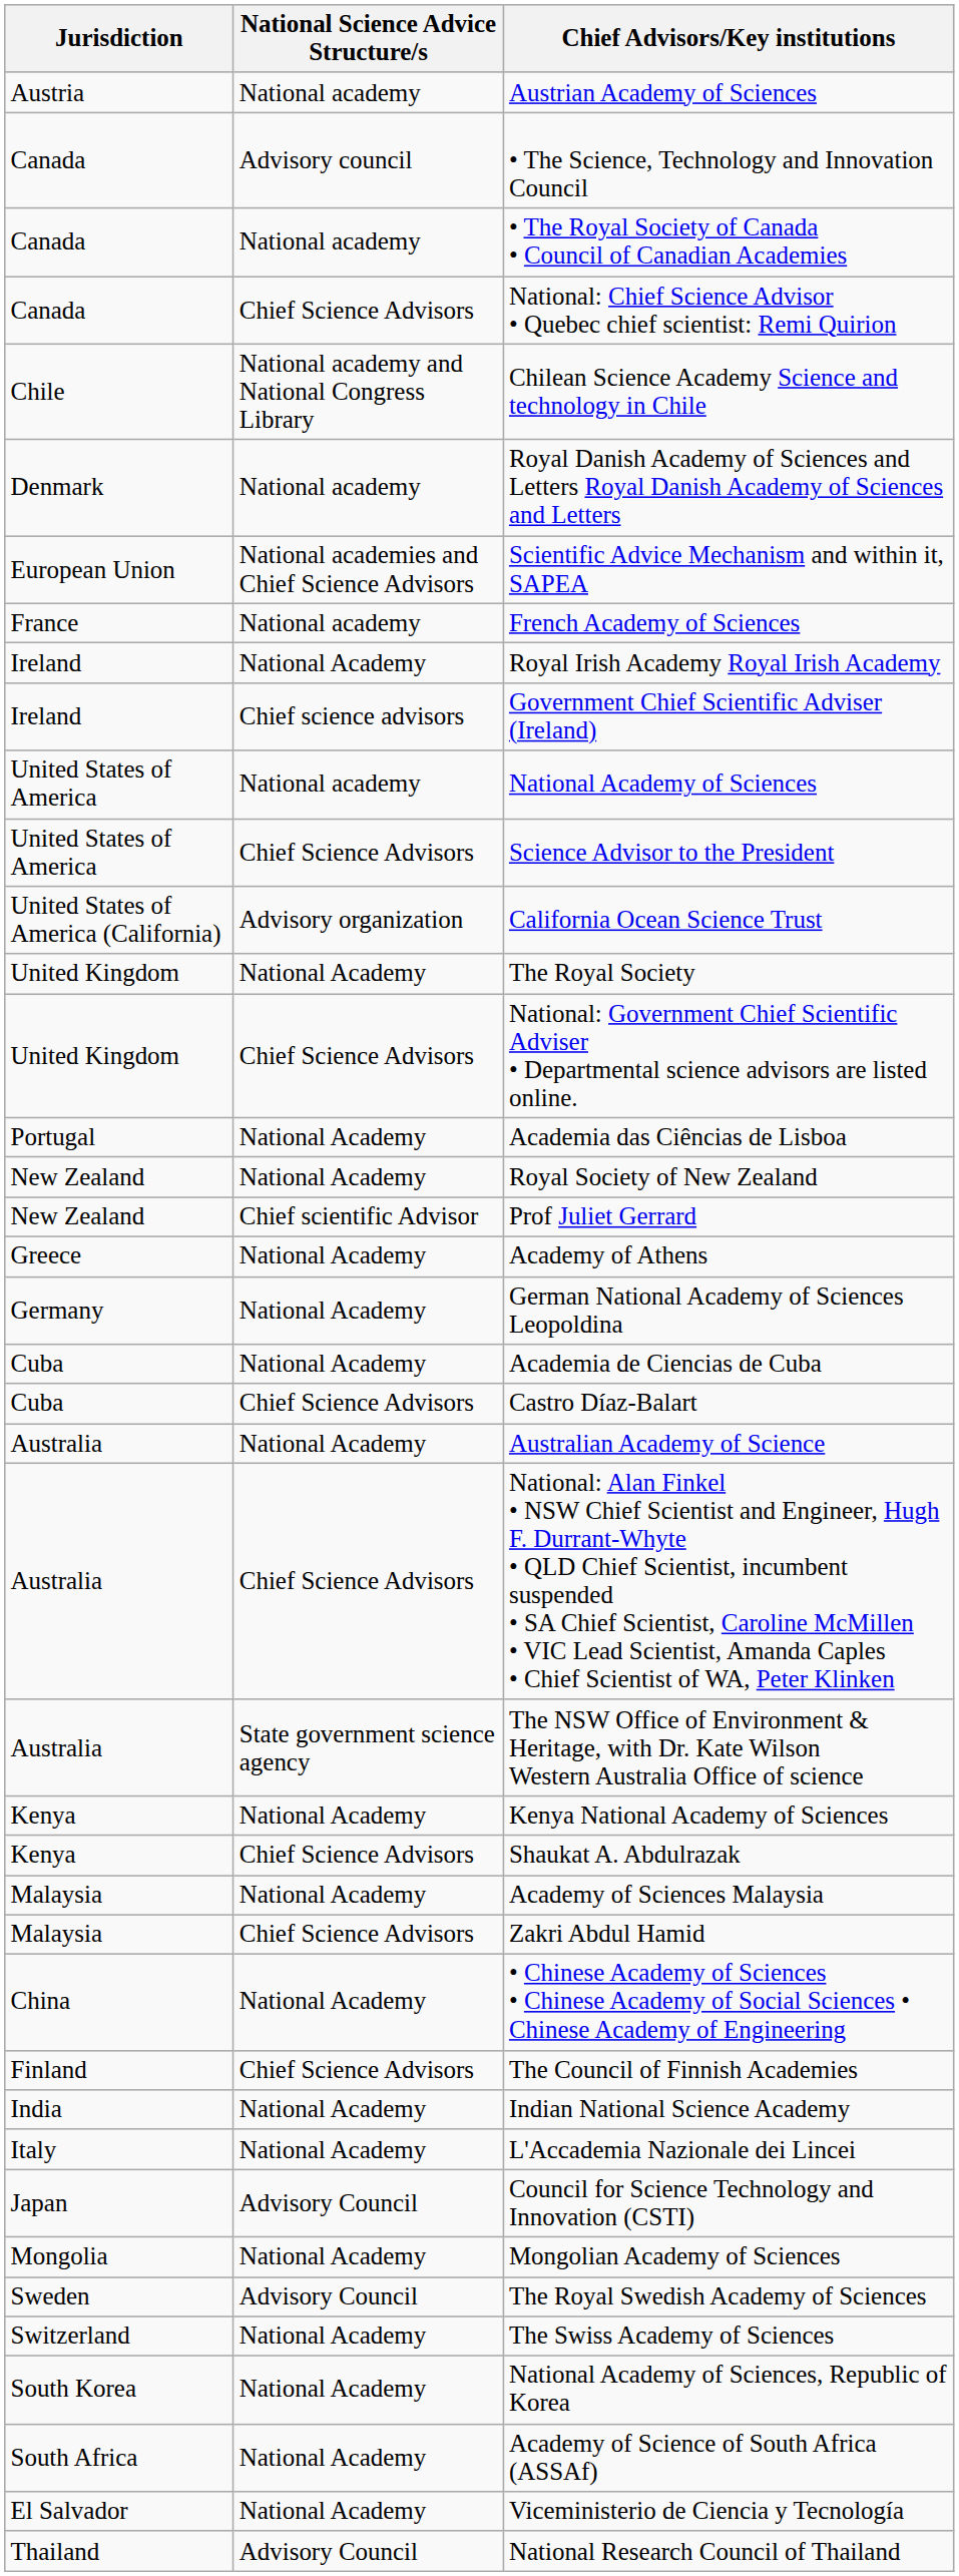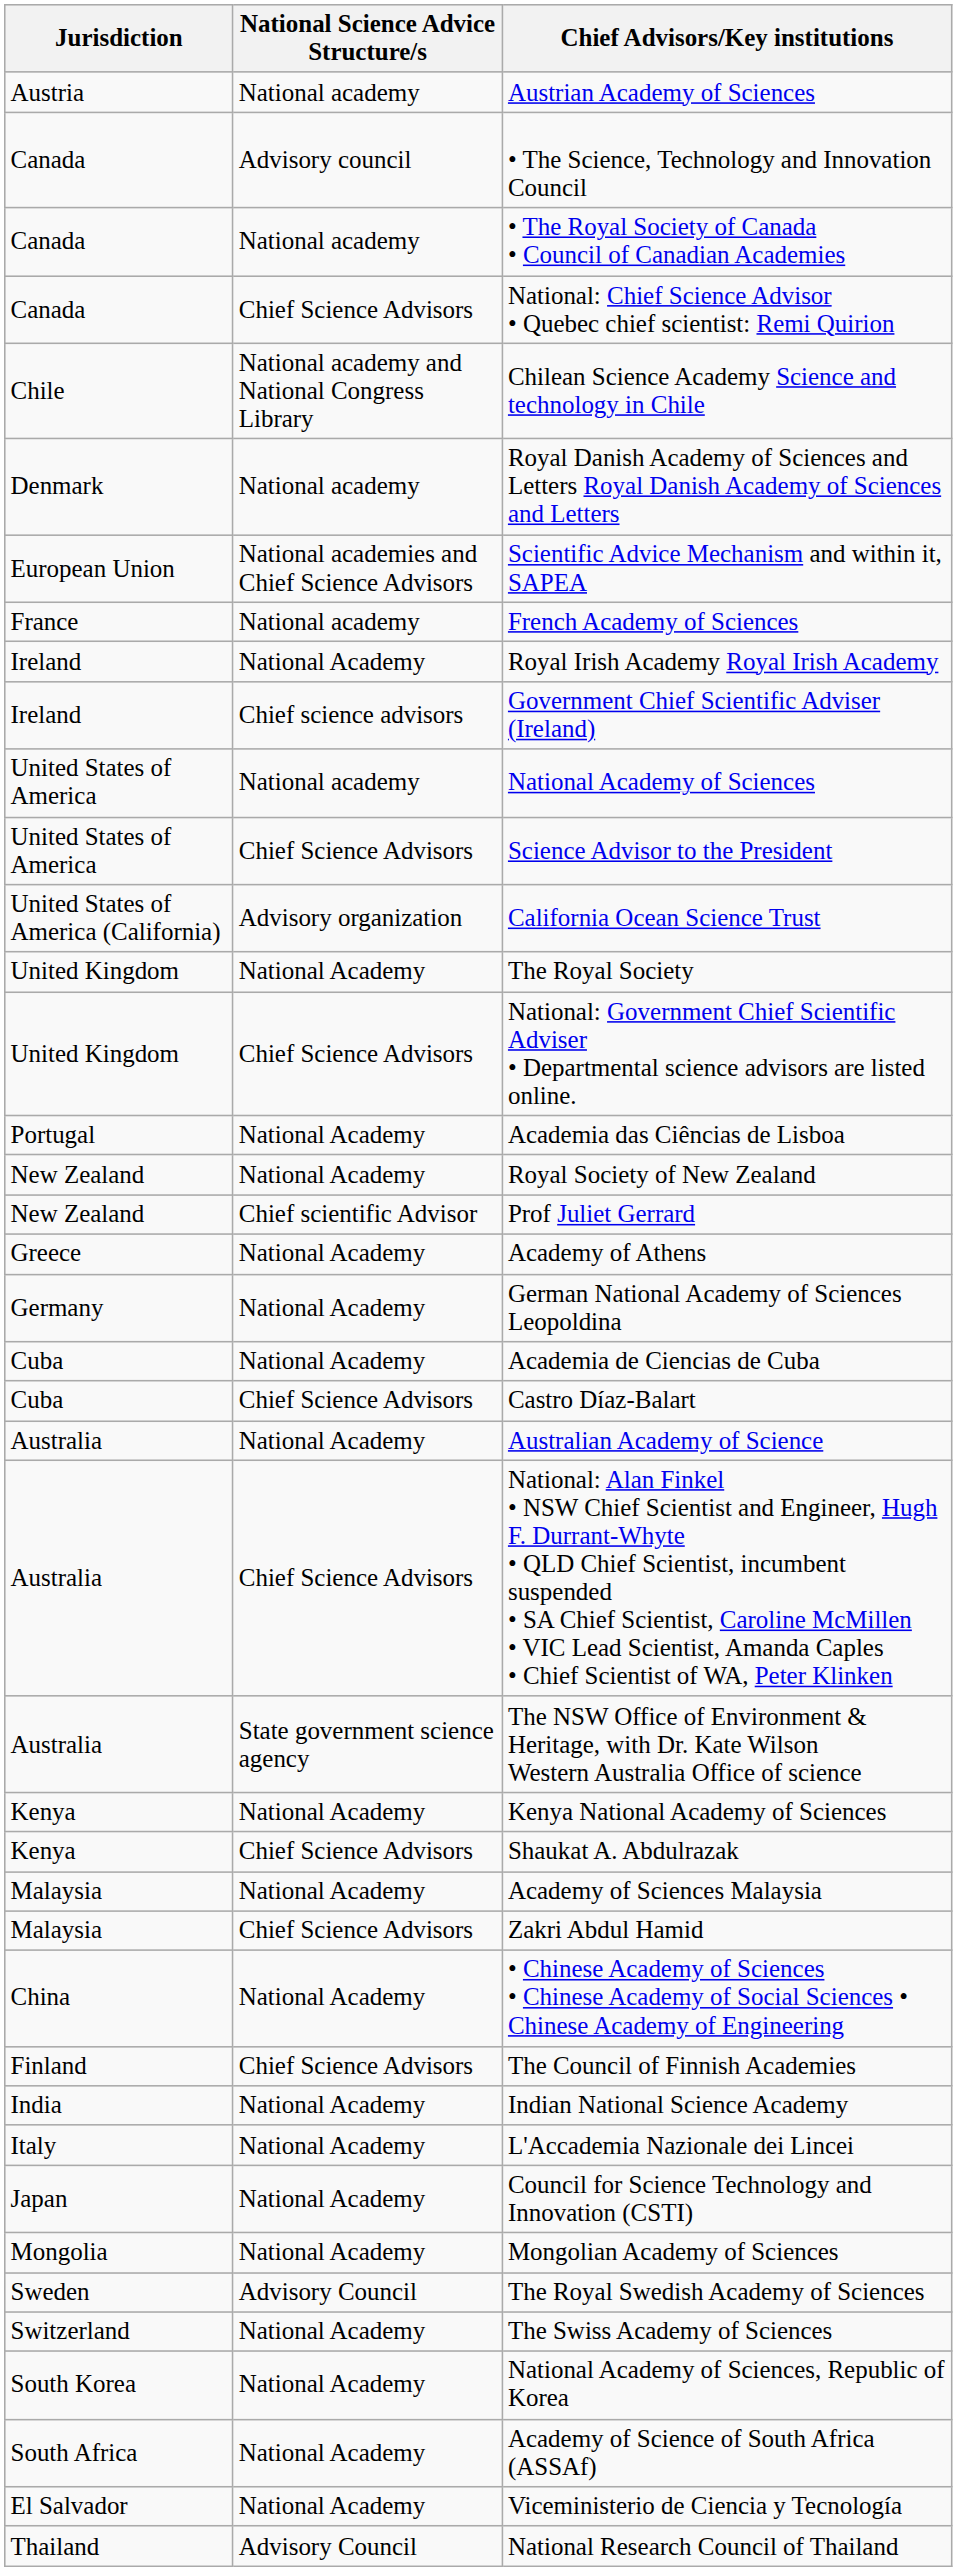 <table class="wikitable sortable">
 <tr>
 <th>Jurisdiction</th>
 <th>National Science Advice Structure/s</th>
 <th>Chief Advisors/Key institutions</th>
 </tr>
 <tr>
 <td>Austria</td>
 <td>National academy</td>
 <td><a href='#'>Austrian Academy of Sciences</a></td>
 </tr>
 <tr>
 <td>Canada</td>
 <td>Advisory council</td>
 <td><br>• The Science, Technology and Innovation Council</td>
 </tr>
 <tr>
 <td>Canada</td>
 <td>National academy</td>
 <td>• <a href='#'>The Royal Society of Canada</a><br>•  <a href='#'>Council of Canadian Academies</a></td>
 </tr>
 <tr>
 <td>Canada</td>
 <td>Chief Science Advisors</td>
 <td>National: <a href='#'>Chief Science Advisor</a><br>• Quebec chief scientist: <a href='#'>Remi Quirion</a></td>
 </tr>
 <tr>
 <td>Chile</td>
 <td>National academy and National Congress Library</td>
 <td>Chilean Science Academy <a href='#'>Science and technology in Chile</a></td>
 </tr>
 <tr>
 <td>Denmark</td>
 <td>National academy</td>
 <td>Royal Danish Academy of Sciences and Letters <a href='#'>Royal Danish Academy of Sciences and Letters</a></td>
 </tr>
 <tr>
 <td>European Union</td>
 <td>National academies and Chief Science Advisors</td>
 <td><a href='#'>Scientific Advice Mechanism</a> and within it, <a href='#'>SAPEA</a></td>
 </tr>
 <tr>
 <td>France</td>
 <td>National academy</td>
 <td><a href='#'>French Academy of Sciences</a></td>
 </tr>
 <tr>
 <td>Ireland</td>
 <td>National Academy</td>
 <td>Royal Irish Academy <a href='#'>Royal Irish Academy</a></td>
 </tr>
 <tr>
 <td>Ireland</td>
 <td>Chief science advisors</td>
 <td><a href='#'>Government Chief Scientific Adviser (Ireland)</a></td>
 </tr>
 <tr>
 <td>United States of America</td>
 <td>National academy</td>
 <td><a href='#'>National Academy of Sciences</a></td>
 </tr>
 <tr>
 <td>United States of America</td>
 <td>Chief Science Advisors</td>
 <td><a href='#'>Science Advisor to the President</a></td>
 </tr>
 <tr>
 <td>United States of America (California)</td>
 <td>Advisory organization</td>
 <td><a href='#'>California Ocean Science Trust</a></td>
 </tr>
 <tr>
 <td>United Kingdom</td>
 <td>National Academy</td>
 <td>The Royal Society</td>
 </tr>
 <tr>
 <td>United Kingdom</td>
 <td>Chief Science Advisors</td>
 <td>National: <a href='#'>Government Chief Scientific Adviser</a><br>• Departmental science advisors are listed online.</td>
 </tr>
 <tr>
 <td>Portugal</td>
 <td>National Academy</td>
 <td>Academia das Ciências de Lisboa</td>
 </tr>
 <tr>
 <td>New Zealand</td>
 <td>National Academy</td>
 <td>Royal Society of New Zealand</td>
 </tr>
 <tr>
 <td>New Zealand</td>
 <td>Chief scientific Advisor</td>
 <td>Prof <a href='#'>Juliet Gerrard</a></td>
 </tr>
 <tr>
 <td>Greece</td>
 <td>National Academy</td>
 <td>Academy of Athens</td>
 </tr>
 <tr>
 <td>Germany</td>
 <td>National Academy</td>
 <td>German National Academy of Sciences Leopoldina </td>
 </tr>
 <tr>
 <td>Cuba</td>
 <td>National Academy</td>
 <td>Academia de Ciencias de Cuba</td>
 </tr>
 <tr>
 <td>Cuba</td>
 <td>Chief Science Advisors</td>
 <td>Castro Díaz-Balart</td>
 </tr>
 <tr>
 <td>Australia</td>
 <td>National Academy</td>
 <td><a href='#'>Australian Academy of Science</a></td>
 </tr>
 <tr>
 <td>Australia</td>
 <td>Chief Science Advisors</td>
 <td>National: <a href='#'>Alan Finkel</a><br>• NSW Chief Scientist and Engineer, <a href='#'>Hugh F. Durrant-Whyte</a><br>• QLD Chief Scientist, incumbent suspended<br>• SA Chief Scientist, <a href='#'>Caroline McMillen</a><br>• VIC Lead Scientist, Amanda Caples<br>• Chief Scientist of WA, <a href='#'>Peter Klinken</a></td>
 </tr>
 <tr>
 <td>Australia</td>
 <td>State government science agency</td>
 <td>The NSW Office of Environment & Heritage, with Dr. Kate Wilson<br>Western Australia Office of science</td>
 </tr>
 <tr>
 <td>Kenya</td>
 <td>National Academy</td>
 <td>Kenya National Academy of Sciences</td>
 </tr>
 <tr>
 <td>Kenya</td>
 <td>Chief Science Advisors</td>
 <td>Shaukat A. Abdulrazak</td>
 </tr>
 <tr>
 <td>Malaysia</td>
 <td>National Academy</td>
 <td>Academy of Sciences Malaysia</td>
 </tr>
 <tr>
 <td>Malaysia</td>
 <td>Chief Science Advisors</td>
 <td>Zakri Abdul Hamid</td>
 </tr>
 <tr>
 <td>China</td>
 <td>National Academy</td>
 <td>• <a href='#'>Chinese Academy of Sciences</a><br>• <a href='#'>Chinese Academy of Social Sciences</a> • <a href='#'>Chinese Academy of Engineering</a></td>
 </tr>
 <tr>
 <td>Finland</td>
 <td>Chief Science Advisors</td>
 <td>The Council of Finnish Academies</td>
 </tr>
 <tr>
 <td>India</td>
 <td>National Academy</td>
 <td>Indian National Science Academy</td>
 </tr>
 <tr>
 <td>Italy</td>
 <td>National Academy</td>
 <td>L'Accademia Nazionale dei Lincei</td>
 </tr>
 <tr>
 <td>Japan</td>
-<td>Advisory Council</td>
+<td>National Academy</td>
 <td>Council for Science Technology and Innovation (CSTI)</td>
 </tr>
 <tr>
 <td>Mongolia</td>
 <td>National Academy</td>
 <td>Mongolian Academy of Sciences</td>
 </tr>
 <tr>
 <td>Sweden</td>
 <td>Advisory Council</td>
 <td>The Royal Swedish Academy of Sciences</td>
 </tr>
 <tr>
 <td>Switzerland</td>
 <td>National Academy</td>
 <td>The Swiss Academy of Sciences</td>
 </tr>
 <tr>
 <td>South Korea</td>
 <td>National Academy</td>
 <td>National Academy of Sciences, Republic of Korea</td>
 </tr>
 <tr>
 <td>South Africa</td>
 <td>National Academy</td>
 <td>Academy of Science of South Africa (ASSAf)</td>
 </tr>
 <tr>
 <td>El Salvador</td>
 <td>National Academy</td>
 <td>Viceministerio de Ciencia y Tecnología</td>
 </tr>
 <tr>
 <td>Thailand</td>
 <td>Advisory Council</td>
 <td>National Research Council of Thailand</td>
 </tr>
 </table>
